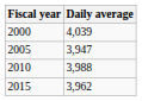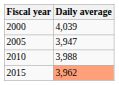 <table class="wikitable">
 <tr>
 <th>Fiscal year</th>
 <th>Daily average</th>
 </tr>
 <tr>
 <td>2000</td>
 <td>4,039</td>
 </tr>
 <tr>
 <td>2005</td>
 <td>3,947</td>
 </tr>
 <tr>
 <td>2010</td>
 <td>3,988</td>
 </tr>
 <tr>
 <td>2015</td>
-<td>3,962</td>
+<td style="background: lightsalmon;">3,962</td>
 </tr>
 </table>
